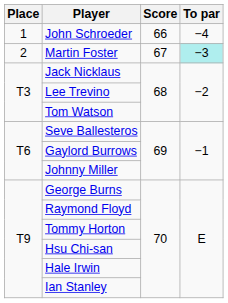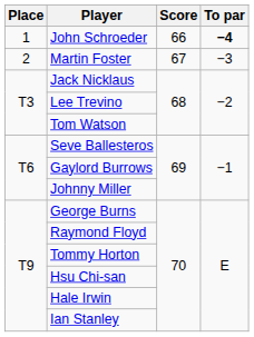 <table class="wikitable">
 <tr>
 <th>Place</th>
 <th>Player</th>
 <th>Score</th>
 <th>To par</th>
 </tr>
 <tr>
 <td align=center>1</td>
 <td> <a href='#'>John Schroeder</a></td>
 <td align=center>66</td>
-<td align=center>−4</td>
+<td align=center><strong>−4</strong></td>
 </tr>
 <tr>
 <td align=center>2</td>
 <td> <a href='#'>Martin Foster</a></td>
 <td align=center>67</td>
-<td align=center style="background: paleturquoise;">−3</td>
+<td align=center>−3</td>
 </tr>
 <tr>
 <td rowspan="3" align=center>T3</td>
 <td> <a href='#'>Jack Nicklaus</a></td>
 <td rowspan="3" align=center>68</td>
 <td rowspan="3" align=center>−2</td>
 </tr>
 <tr>
 <td> <a href='#'>Lee Trevino</a></td>
 </tr>
 <tr>
 <td> <a href='#'>Tom Watson</a></td>
 </tr>
 <tr>
 <td rowspan="3" align=center>T6</td>
 <td> <a href='#'>Seve Ballesteros</a></td>
 <td rowspan="3" align=center>69</td>
 <td rowspan="3" align=center>−1</td>
 </tr>
 <tr>
 <td> <a href='#'>Gaylord Burrows</a></td>
 </tr>
 <tr>
 <td> <a href='#'>Johnny Miller</a></td>
 </tr>
 <tr>
 <td rowspan="6" align=center>T9</td>
 <td> <a href='#'>George Burns</a></td>
 <td rowspan="6" align=center>70</td>
 <td rowspan="6" align=center>E</td>
 </tr>
 <tr>
 <td> <a href='#'>Raymond Floyd</a></td>
 </tr>
 <tr>
 <td> <a href='#'>Tommy Horton</a></td>
 </tr>
 <tr>
 <td> <a href='#'>Hsu Chi-san</a></td>
 </tr>
 <tr>
 <td> <a href='#'>Hale Irwin</a></td>
 </tr>
 <tr>
 <td> <a href='#'>Ian Stanley</a></td>
 </tr>
 </table>
